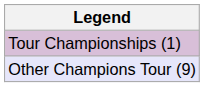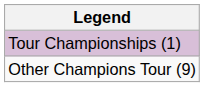 <table class="wikitable" style="font-size:95%;">
 <tr>
 <th>Legend</th>
 </tr>
 <tr style="background:thistle;">
 <td>Tour Championships (1)</td>
 </tr>
 <tr>
-<td style="background: lavender;">Other Champions Tour (9)</td>
+<td>Other Champions Tour (9)</td>
 </tr>
 </table>
